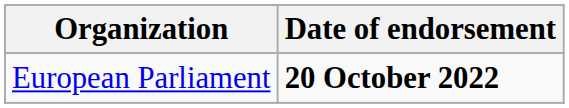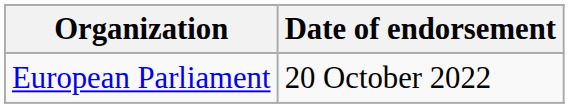 <table class="wikitable">
 <tr>
 <th>Organization</th>
 <th>Date of endorsement</th>
 </tr>
 <tr>
 <td><a href='#'>European Parliament</a></td>
-<td><strong>20 October 2022</strong></td>
+<td>20 October 2022</td>
 </tr>
 </table>
